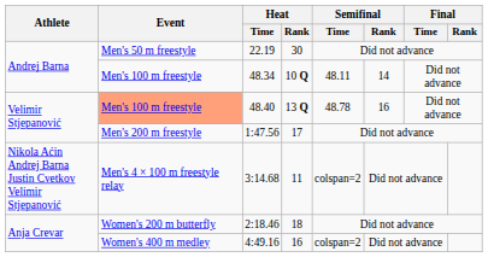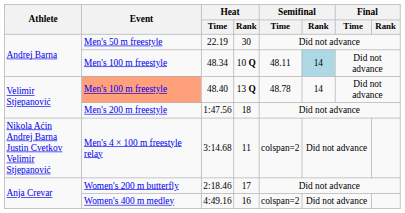 <table class=wikitable style="font-size:90%;">
 <tr>
 <th rowspan=2>Athlete</th>
 <th rowspan=2>Event</th>
 <th colspan=2>Heat</th>
 <th colspan=2>Semifinal</th>
 <th colspan=2>Final</th>
 </tr>
 <tr style="font-size:95%">
 <th>Time</th>
 <th>Rank</th>
 <th>Time</th>
 <th>Rank</th>
 <th>Time</th>
 <th>Rank</th>
 </tr>
 <tr align=center>
 <td align=left rowspan=2><a href='#'>Andrej Barna</a></td>
 <td align=left><a href='#'>Men's 50 m freestyle</a></td>
 <td>22.19</td>
 <td>30</td>
 <td colspan="4">Did not advance</td>
 </tr>
 <tr align=center>
 <td align=left><a href='#'>Men's 100 m freestyle</a></td>
 <td>48.34</td>
 <td>10 <strong>Q</strong></td>
 <td>48.11</td>
-<td>14</td>
+<td style="background: lightblue;">14</td>
 <td colspan="4">Did not advance</td>
 </tr>
 <tr align=center>
 <td align=left rowspan=2><a href='#'>Velimir Stjepanović</a></td>
 <td align=left style="background: lightsalmon;"><a href='#'>Men's 100 m freestyle</a></td>
 <td>48.40</td>
 <td>13 <strong>Q</strong></td>
 <td>48.78</td>
-<td>16</td>
+<td>14</td>
 <td colspan="2">Did not advance</td>
 </tr>
 <tr align=center>
 <td align=left><a href='#'>Men's 200 m freestyle</a></td>
 <td>1:47.56</td>
-<td>17</td>
+<td>18</td>
 <td colspan="4">Did not advance</td>
 </tr>
 <tr align=center>
 <td align=left><a href='#'>Nikola Aćin</a><br><a href='#'>Andrej Barna</a><br><a href='#'>Justin Cvetkov</a><br><a href='#'>Velimir Stjepanović</a></td>
 <td align=left><a href='#'>Men's 4 × 100 m freestyle relay</a></td>
 <td>3:14.68</td>
 <td>11</td>
 <td>colspan=2 </td>
 <td colspan="2">Did not advance</td>
 </tr>
 <tr align=center>
 <td align=left rowspan=2><a href='#'>Anja Crevar</a></td>
 <td align=left><a href='#'>Women's 200 m butterfly</a></td>
 <td>2:18.46</td>
-<td>18</td>
+<td>17</td>
 <td colspan="4">Did not advance</td>
 </tr>
 <tr align=center>
 <td align=left><a href='#'>Women's 400 m medley</a></td>
 <td>4:49.16</td>
 <td>16</td>
 <td>colspan=2 </td>
 <td colspan=2>Did not advance</td>
 </tr>
 </table>
